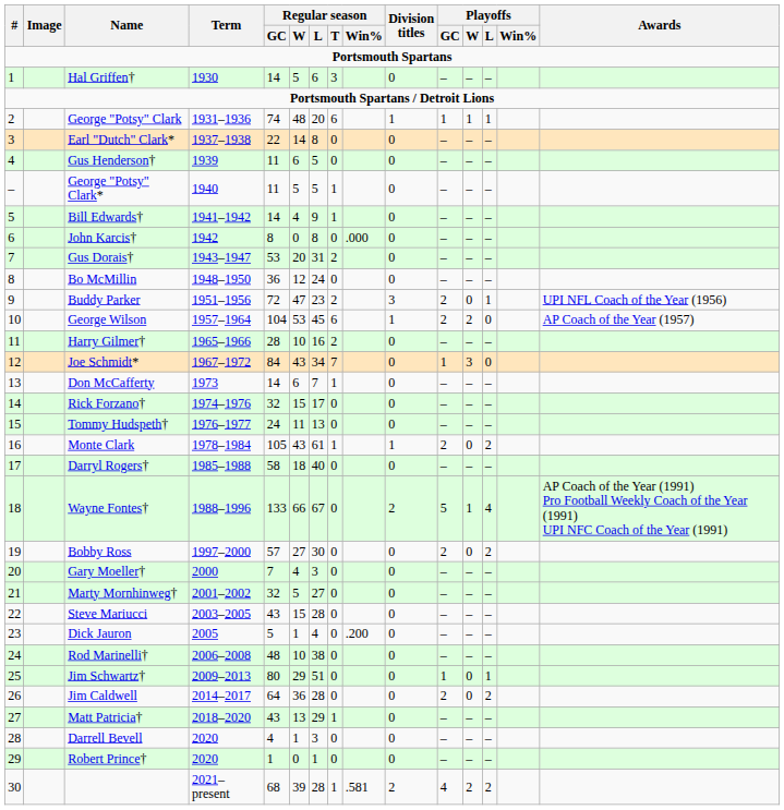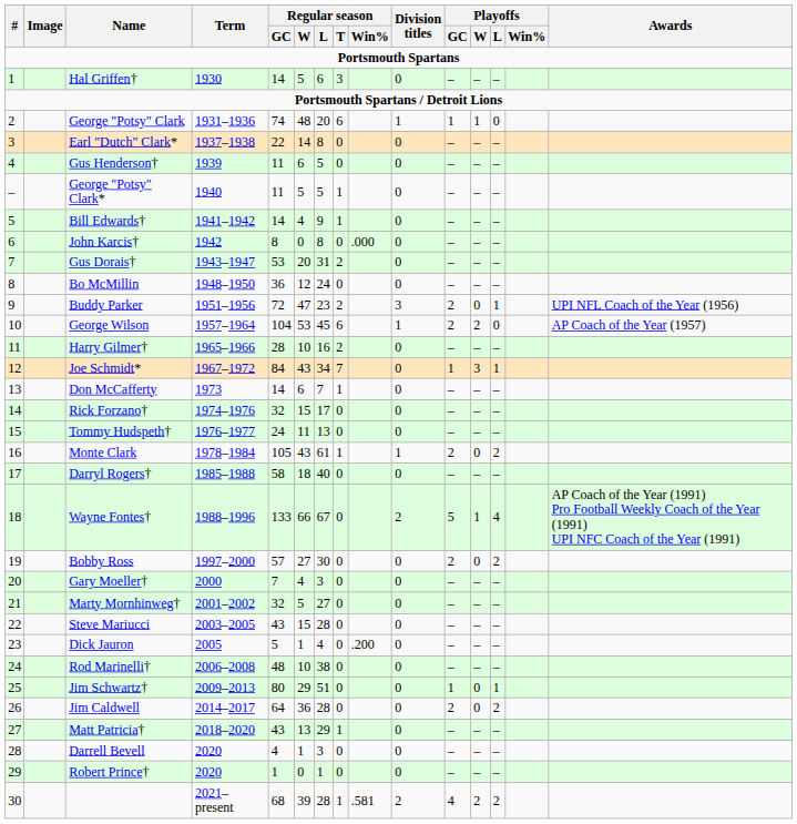 <table class="wikitable" width=75%>
 <tr>
 <th rowspan="2">#</th>
 <th rowspan="2">Image</th>
 <th rowspan="2">Name</th>
 <th rowspan="2">Term</th>
 <th colspan="5">Regular season</th>
 <th rowspan="2">Division <br> titles</th>
 <th colspan="4">Playoffs</th>
 <th rowspan="2">Awards</th>
 </tr>
 <tr>
 <th>GC</th>
 <th>W</th>
 <th>L</th>
 <th>T</th>
 <th>Win%</th>
 <th>GC</th>
 <th>W</th>
 <th>L</th>
 <th>Win%</th>
 </tr>
 <tr>
 <td align="center" colspan="19"><strong>Portsmouth Spartans</strong></td>
 </tr>
 <tr bgcolor="#ddffdd">
 <td>1</td>
 <td></td>
 <td><a href='#'>Hal Griffen</a>†</td>
 <td><a href='#'>1930</a></td>
 <td>14</td>
 <td>5</td>
 <td>6</td>
 <td>3</td>
 <td></td>
 <td>0</td>
 <td>–</td>
 <td>–</td>
 <td>–</td>
 <td></td>
 <td></td>
 </tr>
 <tr>
 <td align="center" colspan="19"><strong>Portsmouth Spartans / Detroit Lions</strong></td>
 </tr>
 <tr>
 <td>2</td>
 <td></td>
 <td><a href='#'>George "Potsy" Clark</a></td>
 <td><a href='#'>1931</a>–<a href='#'>1936</a></td>
 <td>74</td>
 <td>48</td>
 <td>20</td>
 <td>6</td>
 <td></td>
 <td>1</td>
 <td>1</td>
 <td>1</td>
-<td>1</td>
+<td>0</td>
 <td></td>
 <td></td>
 </tr>
 <tr bgcolor="#FFE6BD">
 <td>3</td>
 <td></td>
 <td><a href='#'>Earl "Dutch" Clark</a>*</td>
 <td><a href='#'>1937</a>–<a href='#'>1938</a></td>
 <td>22</td>
 <td>14</td>
 <td>8</td>
 <td>0</td>
 <td></td>
 <td>0</td>
 <td>–</td>
 <td>–</td>
 <td>–</td>
 <td></td>
 <td></td>
 </tr>
 <tr bgcolor="#ddffdd">
 <td>4</td>
 <td></td>
 <td><a href='#'>Gus Henderson</a>†</td>
 <td><a href='#'>1939</a></td>
 <td>11</td>
 <td>6</td>
 <td>5</td>
 <td>0</td>
 <td></td>
 <td>0</td>
 <td>–</td>
 <td>–</td>
 <td>–</td>
 <td></td>
 <td></td>
 </tr>
 <tr>
 <td>–</td>
 <td></td>
 <td><a href='#'>George "Potsy" Clark</a>*</td>
 <td><a href='#'>1940</a></td>
 <td>11</td>
 <td>5</td>
 <td>5</td>
 <td>1</td>
 <td></td>
 <td>0</td>
 <td>–</td>
 <td>–</td>
 <td>–</td>
 <td></td>
 <td></td>
 </tr>
 <tr bgcolor="#ddffdd">
 <td>5</td>
 <td></td>
 <td><a href='#'>Bill Edwards</a>†</td>
 <td><a href='#'>1941</a>–<a href='#'>1942</a></td>
 <td>14</td>
 <td>4</td>
 <td>9</td>
 <td>1</td>
 <td></td>
 <td>0</td>
 <td>–</td>
 <td>–</td>
 <td>–</td>
 <td></td>
 <td></td>
 </tr>
 <tr bgcolor="#ddffdd">
 <td>6</td>
 <td></td>
 <td><a href='#'>John Karcis</a>†</td>
 <td><a href='#'>1942</a></td>
 <td>8</td>
 <td>0</td>
 <td>8</td>
 <td>0</td>
 <td>.000</td>
 <td>0</td>
 <td>–</td>
 <td>–</td>
 <td>–</td>
 <td></td>
 <td></td>
 </tr>
 <tr bgcolor="#ddffdd">
 <td>7</td>
 <td></td>
 <td><a href='#'>Gus Dorais</a>†</td>
 <td><a href='#'>1943</a>–<a href='#'>1947</a></td>
 <td>53</td>
 <td>20</td>
 <td>31</td>
 <td>2</td>
 <td></td>
 <td>0</td>
 <td>–</td>
 <td>–</td>
 <td>–</td>
 <td></td>
 <td></td>
 </tr>
 <tr>
 <td>8</td>
 <td></td>
 <td><a href='#'>Bo McMillin</a></td>
 <td><a href='#'>1948</a>–<a href='#'>1950</a></td>
 <td>36</td>
 <td>12</td>
 <td>24</td>
 <td>0</td>
 <td></td>
 <td>0</td>
 <td>–</td>
 <td>–</td>
 <td>–</td>
 <td></td>
 <td></td>
 </tr>
 <tr>
 <td>9</td>
 <td></td>
 <td><a href='#'>Buddy Parker</a></td>
 <td><a href='#'>1951</a>–<a href='#'>1956</a></td>
 <td>72</td>
 <td>47</td>
 <td>23</td>
 <td>2</td>
 <td></td>
 <td>3</td>
 <td>2</td>
 <td>0</td>
 <td>1</td>
 <td></td>
 <td><a href='#'>UPI NFL Coach of the Year</a> (1956)</td>
 </tr>
 <tr>
 <td>10</td>
 <td></td>
 <td><a href='#'>George Wilson</a></td>
 <td><a href='#'>1957</a>–<a href='#'>1964</a></td>
 <td>104</td>
 <td>53</td>
 <td>45</td>
 <td>6</td>
 <td></td>
 <td>1</td>
 <td>2</td>
 <td>2</td>
 <td>0</td>
 <td></td>
 <td><a href='#'>AP Coach of the Year</a> (1957)</td>
 </tr>
 <tr bgcolor="#ddffdd">
 <td>11</td>
 <td></td>
 <td><a href='#'>Harry Gilmer</a>†</td>
 <td><a href='#'>1965</a>–<a href='#'>1966</a></td>
 <td>28</td>
 <td>10</td>
 <td>16</td>
 <td>2</td>
 <td></td>
 <td>0</td>
 <td>–</td>
 <td>–</td>
 <td>–</td>
 <td></td>
 <td></td>
 </tr>
 <tr bgcolor="#FFE6BD">
 <td>12</td>
 <td></td>
 <td><a href='#'>Joe Schmidt</a>*</td>
 <td><a href='#'>1967</a>–<a href='#'>1972</a></td>
 <td>84</td>
 <td>43</td>
 <td>34</td>
 <td>7</td>
 <td></td>
 <td>0</td>
 <td>1</td>
 <td>3</td>
-<td>0</td>
+<td>1</td>
 <td></td>
 <td></td>
 </tr>
 <tr>
 <td>13</td>
 <td></td>
 <td><a href='#'>Don McCafferty</a></td>
 <td><a href='#'>1973</a></td>
 <td>14</td>
 <td>6</td>
 <td>7</td>
 <td>1</td>
 <td></td>
 <td>0</td>
 <td>–</td>
 <td>–</td>
 <td>–</td>
 <td></td>
 <td></td>
 </tr>
 <tr bgcolor="#ddffdd">
 <td>14</td>
 <td></td>
 <td><a href='#'>Rick Forzano</a>†</td>
 <td><a href='#'>1974</a>–<a href='#'>1976</a></td>
 <td>32</td>
 <td>15</td>
 <td>17</td>
 <td>0</td>
 <td></td>
 <td>0</td>
 <td>–</td>
 <td>–</td>
 <td>–</td>
 <td></td>
 <td></td>
 </tr>
 <tr bgcolor="#ddffdd">
 <td>15</td>
 <td></td>
 <td><a href='#'>Tommy Hudspeth</a>†</td>
 <td><a href='#'>1976</a>–<a href='#'>1977</a></td>
 <td>24</td>
 <td>11</td>
 <td>13</td>
 <td>0</td>
 <td></td>
 <td>0</td>
 <td>–</td>
 <td>–</td>
 <td>–</td>
 <td></td>
 <td></td>
 </tr>
 <tr>
 <td>16</td>
 <td></td>
 <td><a href='#'>Monte Clark</a></td>
 <td><a href='#'>1978</a>–<a href='#'>1984</a></td>
 <td>105</td>
 <td>43</td>
 <td>61</td>
 <td>1</td>
 <td></td>
 <td>1</td>
 <td>2</td>
 <td>0</td>
 <td>2</td>
 <td></td>
 <td></td>
 </tr>
 <tr bgcolor="#ddffdd">
 <td>17</td>
 <td></td>
 <td><a href='#'>Darryl Rogers</a>†</td>
 <td><a href='#'>1985</a>–<a href='#'>1988</a></td>
 <td>58</td>
 <td>18</td>
 <td>40</td>
 <td>0</td>
 <td></td>
 <td>0</td>
 <td>–</td>
 <td>–</td>
 <td>–</td>
 <td></td>
 <td></td>
 </tr>
 <tr bgcolor="#ddffdd">
 <td>18</td>
 <td></td>
 <td><a href='#'>Wayne Fontes</a>†</td>
 <td><a href='#'>1988</a>–<a href='#'>1996</a></td>
 <td>133</td>
 <td>66</td>
 <td>67</td>
 <td>0</td>
 <td></td>
 <td>2</td>
 <td>5</td>
 <td>1</td>
 <td>4</td>
 <td></td>
 <td>AP Coach of the Year (1991)<br><a href='#'>Pro Football Weekly Coach of the Year</a> (1991)<br><a href='#'>UPI NFC Coach of the Year</a> (1991)</td>
 </tr>
 <tr>
 <td>19</td>
 <td></td>
 <td><a href='#'>Bobby Ross</a></td>
 <td><a href='#'>1997</a>–<a href='#'>2000</a></td>
 <td>57</td>
 <td>27</td>
 <td>30</td>
 <td>0</td>
 <td></td>
 <td>0</td>
 <td>2</td>
 <td>0</td>
 <td>2</td>
 <td></td>
 <td></td>
 </tr>
 <tr bgcolor="#ddffdd">
 <td>20</td>
 <td></td>
 <td><a href='#'>Gary Moeller</a>†</td>
 <td><a href='#'>2000</a></td>
 <td>7</td>
 <td>4</td>
 <td>3</td>
 <td>0</td>
 <td></td>
 <td>0</td>
 <td>–</td>
 <td>–</td>
 <td>–</td>
 <td></td>
 <td></td>
 </tr>
 <tr bgcolor="#ddffdd">
 <td>21</td>
 <td></td>
 <td><a href='#'>Marty Mornhinweg</a>†</td>
 <td><a href='#'>2001</a>–<a href='#'>2002</a></td>
 <td>32</td>
 <td>5</td>
 <td>27</td>
 <td>0</td>
 <td></td>
 <td>0</td>
 <td>–</td>
 <td>–</td>
 <td>–</td>
 <td></td>
 <td></td>
 </tr>
 <tr>
 <td>22</td>
 <td></td>
 <td><a href='#'>Steve Mariucci</a></td>
 <td><a href='#'>2003</a>–<a href='#'>2005</a></td>
 <td>43</td>
 <td>15</td>
 <td>28</td>
 <td>0</td>
 <td></td>
 <td>0</td>
 <td>–</td>
 <td>–</td>
 <td>–</td>
 <td></td>
 <td></td>
 </tr>
 <tr>
 <td>23</td>
 <td></td>
 <td><a href='#'>Dick Jauron</a></td>
 <td><a href='#'>2005</a></td>
 <td>5</td>
 <td>1</td>
 <td>4</td>
 <td>0</td>
 <td>.200</td>
 <td>0</td>
 <td>–</td>
 <td>–</td>
 <td>–</td>
 <td></td>
 <td></td>
 </tr>
 <tr bgcolor="#ddffdd">
 <td>24</td>
 <td></td>
 <td><a href='#'>Rod Marinelli</a>†</td>
 <td><a href='#'>2006</a>–<a href='#'>2008</a></td>
 <td>48</td>
 <td>10</td>
 <td>38</td>
 <td>0</td>
 <td></td>
 <td>0</td>
 <td>–</td>
 <td>–</td>
 <td>–</td>
 <td></td>
 <td></td>
 </tr>
 <tr bgcolor="#ddffdd">
 <td>25</td>
 <td></td>
 <td><a href='#'>Jim Schwartz</a>†</td>
 <td><a href='#'>2009</a>–<a href='#'>2013</a></td>
 <td>80</td>
 <td>29</td>
 <td>51</td>
 <td>0</td>
 <td></td>
 <td>0</td>
 <td>1</td>
 <td>0</td>
 <td>1</td>
 <td></td>
 <td></td>
 </tr>
 <tr>
 <td>26</td>
 <td></td>
 <td><a href='#'>Jim Caldwell</a></td>
 <td><a href='#'>2014</a>–<a href='#'>2017</a></td>
 <td>64</td>
 <td>36</td>
 <td>28</td>
 <td>0</td>
 <td></td>
 <td>0</td>
 <td>2</td>
 <td>0</td>
 <td>2</td>
 <td></td>
 <td></td>
 </tr>
 <tr bgcolor="#ddffdd">
 <td>27</td>
 <td></td>
 <td><a href='#'>Matt Patricia</a>†</td>
 <td><a href='#'>2018</a>–<a href='#'>2020</a></td>
 <td>43</td>
 <td>13</td>
 <td>29</td>
 <td>1</td>
 <td></td>
 <td>0</td>
 <td>–</td>
 <td>–</td>
 <td>–</td>
 <td></td>
 <td></td>
 </tr>
 <tr>
 <td>28</td>
 <td></td>
 <td><a href='#'>Darrell Bevell</a></td>
 <td><a href='#'>2020</a></td>
 <td>4</td>
 <td>1</td>
 <td>3</td>
 <td>0</td>
 <td></td>
 <td>0</td>
 <td>–</td>
 <td>–</td>
 <td>–</td>
 <td></td>
 <td></td>
 </tr>
 <tr bgcolor="#ddffdd">
 <td>29</td>
 <td></td>
 <td><a href='#'>Robert Prince</a>†</td>
 <td><a href='#'>2020</a></td>
 <td>1</td>
 <td>0</td>
 <td>1</td>
 <td>0</td>
 <td></td>
 <td>0</td>
 <td>–</td>
 <td>–</td>
 <td>–</td>
 <td></td>
 <td></td>
 </tr>
 <tr>
 <td>30</td>
 <td></td>
 <td align="left"></td>
 <td><a href='#'>2021</a>–present</td>
 <td>68</td>
 <td>39</td>
 <td>28</td>
 <td>1</td>
 <td>.581</td>
 <td>2</td>
 <td>4</td>
 <td>2</td>
 <td>2</td>
 <td></td>
 <td></td>
 </tr>
 </table>
